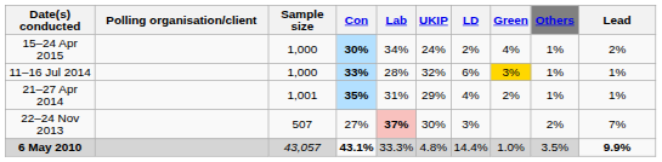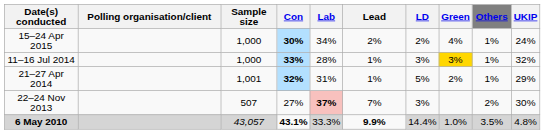 <table class="wikitable sortable" style="text-align:center;font-size:90%;line-height:14px">
 <tr>
 <th ! style="width:100px;">Date(s)<br>conducted</th>
 <th style="width:200px;">Polling organisation/client</th>
 <th class="unsortable" style="width:75px;">Sample size</th>
 <th class="unsortable" style="background:"><a href='#'><span>Con</span></a></th>
 <th class="unsortable" style="background:"><a href='#'><span>Lab</span></a></th>
-<th class="unsortable" style="background:"><a href='#'><span>UKIP</span></a></th>
+<th class="unsortable" style="width:85px;">Lead</th>
 <th class="unsortable" style="background:"><a href='#'><span>LD</span></a></th>
 <th class="unsortable" style="background:"><a href='#'><span>Green</span></a></th>
 <th class="unsortable" style="background:gray; width:50px;"><a href='#'><span>Others</span></a></th>
-<th class="unsortable" style="width:85px;">Lead</th>
+<th class="unsortable" style="background:"><a href='#'><span>UKIP</span></a></th>
 </tr>
 <tr>
 <td>15–24 Apr 2015</td>
 <td></td>
 <td>1,000</td>
 <td style="background:#B3E0FF"><strong>30%</strong></td>
 <td>34%</td>
-<td>24%</td>
+<td style="background:">2%</td>
 <td>2%</td>
 <td>4%</td>
 <td>1%</td>
-<td style="background:">2%</td>
+<td>24%</td>
 </tr>
 <tr>
 <td>11–16 Jul 2014</td>
 <td></td>
 <td>1,000</td>
 <td style="background:#B3E0FF"><strong>33%</strong></td>
 <td>28%</td>
-<td>32%</td>
-<td>6%</td>
+<td style="background:">1%</td>
+<td>3%</td>
 <td style="background: gold;">3%</td>
 <td>1%</td>
-<td style="background:">1%</td>
+<td>32%</td>
 </tr>
 <tr>
 <td>21–27 Apr 2014</td>
 <td></td>
 <td>1,001</td>
-<td style="background:#B3E0FF"><strong>35%</strong></td>
+<td style="background:#B3E0FF"><strong>32%</strong></td>
 <td>31%</td>
-<td>29%</td>
-<td>4%</td>
+<td style="background:">1%</td>
+<td>5%</td>
 <td>2%</td>
 <td>1%</td>
-<td style="background:">1%</td>
+<td>29%</td>
 </tr>
 <tr>
 <td>22–24 Nov 2013</td>
 <td></td>
 <td>507</td>
 <td>27%</td>
 <td style="background:#F8C1BE"><strong>37%</strong></td>
-<td>30%</td>
+<td style="background:">7%</td>
 <td>3%</td>
 <td></td>
 <td>2%</td>
-<td style="background:">7%</td>
+<td>30%</td>
 </tr>
 <tr>
 <td style="background:#D5D5D5"><strong>6 May 2010</strong></td>
 <td style="background:#D5D5D5"></td>
 <td style="background:#D5D5D5"><em>43,057</em></td>
 <td style="background:"><strong>43.1%</strong></td>
 <td style="background:#D5D5D5">33.3%</td>
-<td style="background:#D5D5D5">4.8%</td>
+<td style="background:"><strong>9.9% </strong></td>
 <td style="background:#D5D5D5">14.4%</td>
 <td style="background:#D5D5D5">1.0%</td>
 <td style="background:#D5D5D5">3.5%</td>
-<td style="background:"><strong>9.9% </strong></td>
+<td style="background:#D5D5D5">4.8%</td>
 </tr>
 </table>
